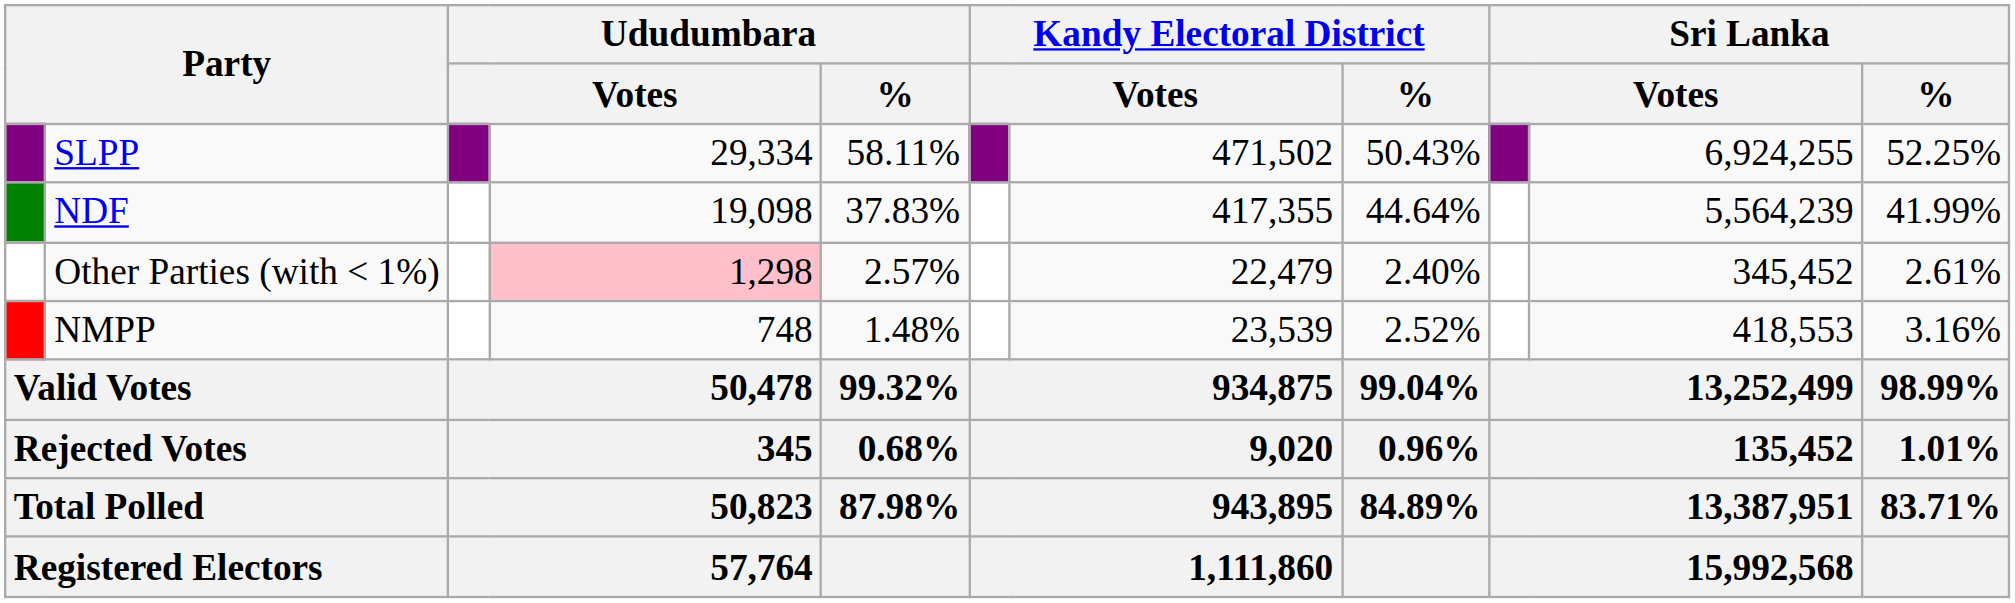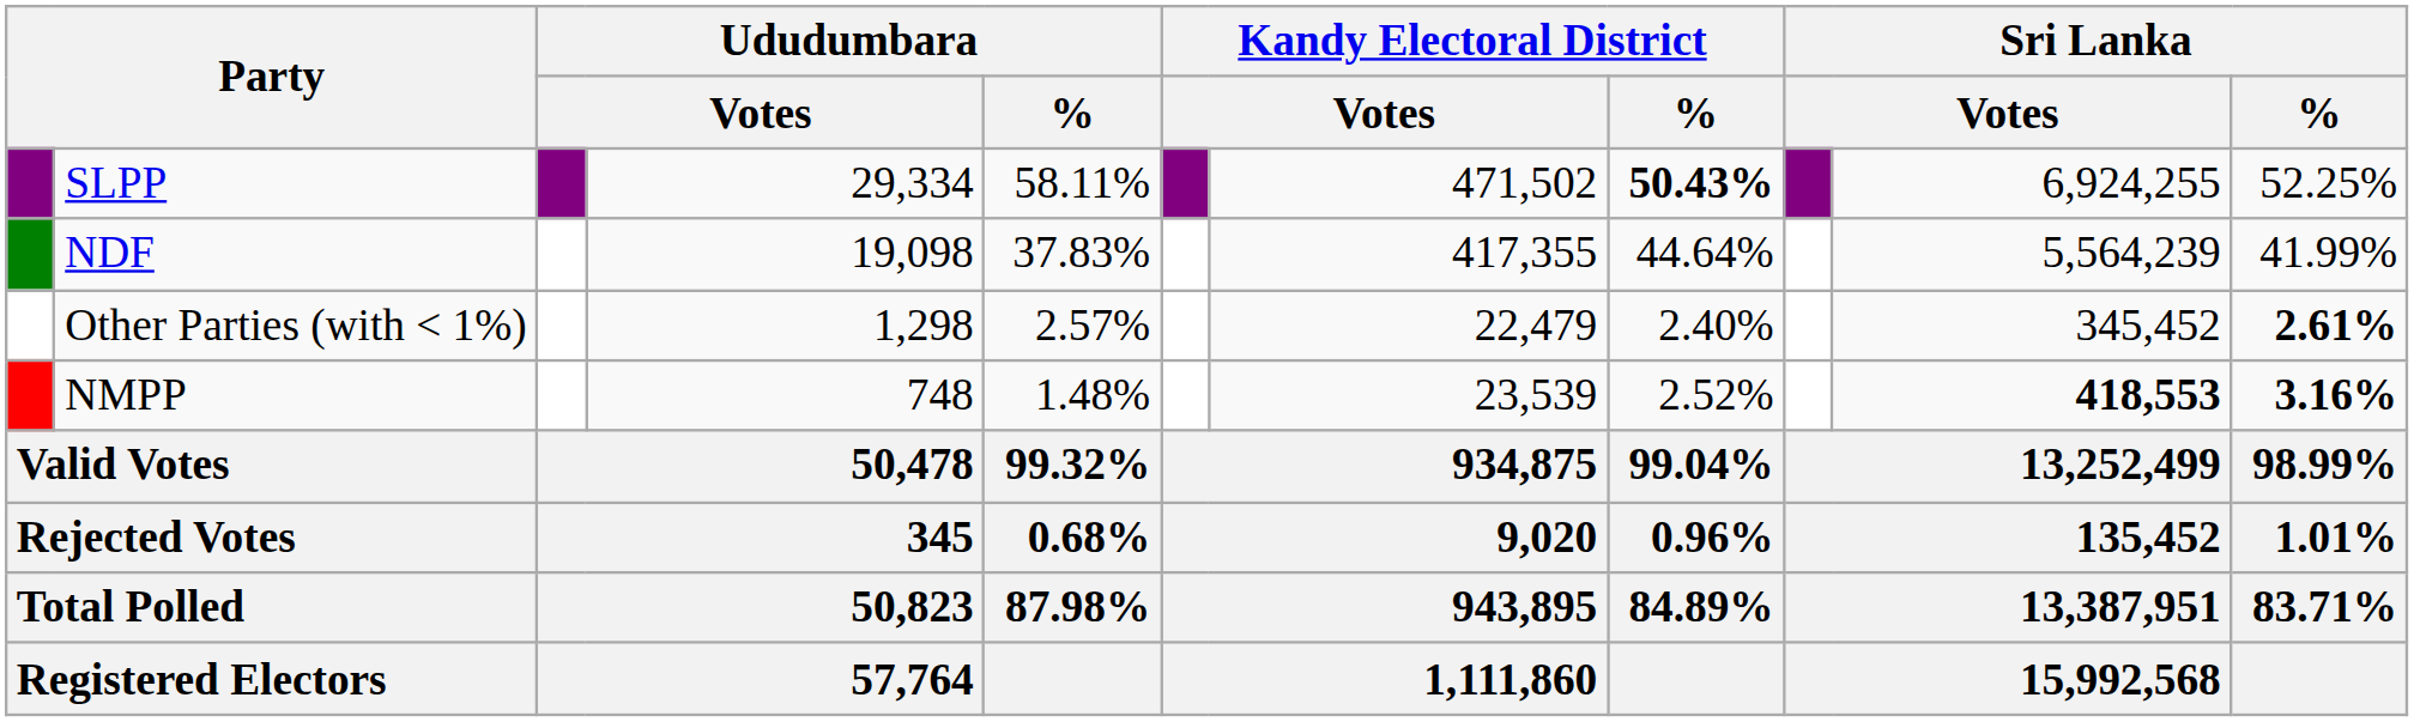 <table class="wikitable">
 <tr>
 <th colspan="2" width="144px"rowspan="2">Party</th>
 <th colspan="3" width="216px">Ududumbara</th>
 <th colspan="3" width="216px"><a href='#'>Kandy Electoral District</a></th>
 <th colspan="3" width="216px">Sri Lanka</th>
 </tr>
 <tr>
 <th colspan="2" width="144px">Votes</th>
 <th>%</th>
 <th colspan="2" width="144px">Votes</th>
 <th>%</th>
 <th colspan="2" width="144px">Votes</th>
 <th>%</th>
 </tr>
 <tr>
 <td style="background-color:purple;" width="10px"></td>
 <td style="text-align:left;"><a href='#'>SLPP</a></td>
 <td style="background-color:purple;" width="10px"></td>
 <td style="text-align:right;">29,334</td>
 <td style="text-align:right;">58.11%</td>
 <td style="background-color:purple;" width="10px"></td>
 <td style="text-align:right;">471,502</td>
-<td style="text-align:right;">50.43%</td>
+<td style="text-align:right;"><strong>50.43%</strong></td>
 <td style="background-color:purple;" width="10px"></td>
 <td style="text-align:right;">6,924,255</td>
 <td style="text-align:right;">52.25%</td>
 </tr>
 <tr>
 <td style="background-color:green;" width="10px"></td>
 <td style="text-align:left;"><a href='#'>NDF</a></td>
 <td style="background-color:white;" width="10px"></td>
 <td style="text-align:right;">19,098</td>
 <td style="text-align:right;">37.83%</td>
 <td style="background-color:white;" width="10px"></td>
 <td style="text-align:right;">417,355</td>
 <td style="text-align:right;">44.64%</td>
 <td style="background-color:white;" width="10px"></td>
 <td style="text-align:right;">5,564,239</td>
 <td style="text-align:right;">41.99%</td>
 </tr>
 <tr>
 <td style="background-color:white;" width="10px"></td>
 <td style="text-align:left;">Other Parties (with < 1%)</td>
 <td style="background-color:white;" width="10px"></td>
-<td style="background: pink; text-align:right;">1,298</td>
+<td style="text-align:right;">1,298</td>
 <td style="text-align:right;">2.57%</td>
 <td style="background-color:white;" width="10px"></td>
 <td style="text-align:right;">22,479</td>
 <td style="text-align:right;">2.40%</td>
 <td style="background-color:white;" width="10px"></td>
 <td style="text-align:right;">345,452</td>
-<td style="text-align:right;">2.61%</td>
+<td style="text-align:right;"><strong>2.61%</strong></td>
 </tr>
 <tr>
 <td style="background-color:red;" width="10px"></td>
 <td style="text-align:left;">NMPP</td>
 <td style="background-color:white;" width="10px"></td>
 <td style="text-align:right;">748</td>
 <td style="text-align:right;">1.48%</td>
 <td style="background-color:white;" width="10px"></td>
 <td style="text-align:right;">23,539</td>
 <td style="text-align:right;">2.52%</td>
 <td style="background-color:white;" width="10px"></td>
-<td style="text-align:right;">418,553</td>
-<td style="text-align:right;">3.16%</td>
+<td style="text-align:right;"><strong>418,553</strong></td>
+<td style="text-align:right;"><strong>3.16%</strong></td>
 </tr>
 <tr>
 <th colspan="2" width="144px"style="text-align:left;">Valid Votes</th>
 <th style="text-align:right;"colspan="2" width="144px">50,478</th>
 <th style="text-align:right;">99.32%</th>
 <th style="text-align:right;"colspan="2" width="144px">934,875</th>
 <th style="text-align:right;">99.04%</th>
 <th style="text-align:right;"colspan="2" width="144px">13,252,499</th>
 <th style="text-align:right;">98.99%</th>
 </tr>
 <tr>
 <th colspan="2" width="144px"style="text-align:left;">Rejected Votes</th>
 <th style="text-align:right;"colspan="2" width="144px">345</th>
 <th style="text-align:right;">0.68%</th>
 <th style="text-align:right;"colspan="2" width="144px">9,020</th>
 <th style="text-align:right;">0.96%</th>
 <th style="text-align:right;"colspan="2" width="144px">135,452</th>
 <th style="text-align:right;">1.01%</th>
 </tr>
 <tr>
 <th colspan="2" width="144px"style="text-align:left;">Total Polled</th>
 <th style="text-align:right;"colspan="2" width="144px">50,823</th>
 <th style="text-align:right;">87.98%</th>
 <th style="text-align:right;"colspan="2" width="144px">943,895</th>
 <th style="text-align:right;">84.89%</th>
 <th style="text-align:right;"colspan="2" width="144px">13,387,951</th>
 <th style="text-align:right;">83.71%</th>
 </tr>
 <tr>
 <th colspan="2" width="144px"style="text-align:left;">Registered Electors</th>
 <th style="text-align:right;"colspan="2" width="144px">57,764</th>
 <th></th>
 <th style="text-align:right;"colspan="2" width="144px">1,111,860</th>
 <th></th>
 <th style="text-align:right;"colspan="2" width="144px">15,992,568</th>
 <th></th>
 </tr>
 </table>
